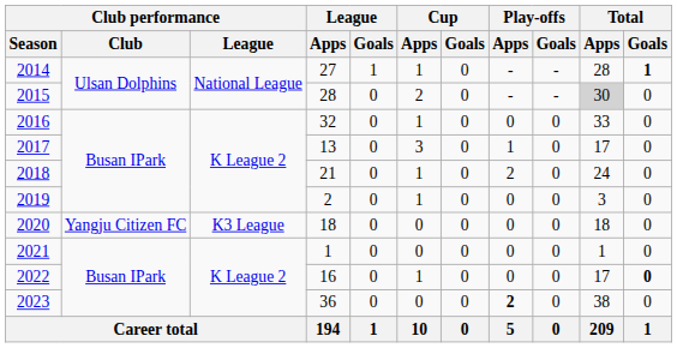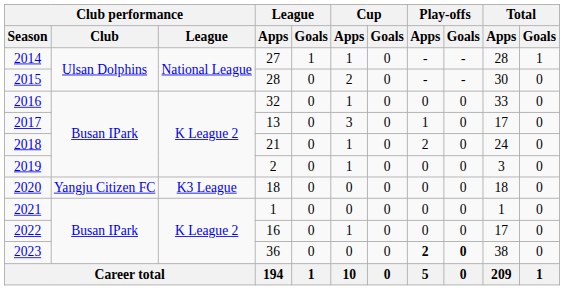 <table class="wikitable" style="text-align:center">
 <tr>
 <th colspan=3>Club performance</th>
 <th colspan=2>League</th>
 <th colspan=2>Cup</th>
 <th colspan=2>Play-offs</th>
 <th colspan=2>Total</th>
 </tr>
 <tr>
 <th>Season</th>
 <th>Club</th>
 <th>League</th>
 <th>Apps</th>
 <th>Goals</th>
 <th>Apps</th>
 <th>Goals</th>
 <th>Apps</th>
 <th>Goals</th>
 <th>Apps</th>
 <th>Goals</th>
 </tr>
 <tr>
 <td><a href='#'>2014</a></td>
 <td rowspan="2"><a href='#'>Ulsan Dolphins</a></td>
 <td rowspan="2"><a href='#'>National League</a></td>
 <td>27</td>
 <td>1</td>
 <td>1</td>
 <td>0</td>
 <td>-</td>
 <td>-</td>
 <td>28</td>
-<td><strong>1</strong></td>
+<td>1</td>
 </tr>
 <tr>
 <td><a href='#'>2015</a></td>
 <td>28</td>
 <td>0</td>
 <td>2</td>
 <td>0</td>
 <td>-</td>
 <td>-</td>
-<td style="background: lightgrey;">30</td>
+<td>30</td>
 <td>0</td>
 </tr>
 <tr>
 <td><a href='#'>2016</a></td>
 <td rowspan="4"><a href='#'>Busan IPark</a></td>
 <td rowspan="4"><a href='#'>K League 2</a></td>
 <td>32</td>
 <td>0</td>
 <td>1</td>
 <td>0</td>
 <td>0</td>
 <td>0</td>
 <td>33</td>
 <td>0</td>
 </tr>
 <tr>
 <td><a href='#'>2017</a></td>
 <td>13</td>
 <td>0</td>
 <td>3</td>
 <td>0</td>
 <td>1</td>
 <td>0</td>
 <td>17</td>
 <td>0</td>
 </tr>
 <tr>
 <td><a href='#'>2018</a></td>
 <td>21</td>
 <td>0</td>
 <td>1</td>
 <td>0</td>
 <td>2</td>
 <td>0</td>
 <td>24</td>
 <td>0</td>
 </tr>
 <tr>
 <td><a href='#'>2019</a></td>
 <td>2</td>
 <td>0</td>
 <td>1</td>
 <td>0</td>
 <td>0</td>
 <td>0</td>
 <td>3</td>
 <td>0</td>
 </tr>
 <tr>
 <td><a href='#'>2020</a></td>
 <td><a href='#'>Yangju Citizen FC</a></td>
 <td><a href='#'>K3 League</a></td>
 <td>18</td>
 <td>0</td>
 <td>0</td>
 <td>0</td>
 <td>0</td>
 <td>0</td>
 <td>18</td>
 <td>0</td>
 </tr>
 <tr>
 <td><a href='#'>2021</a></td>
 <td rowspan="3"><a href='#'>Busan IPark</a></td>
 <td rowspan="3"><a href='#'>K League 2</a></td>
 <td>1</td>
 <td>0</td>
 <td>0</td>
 <td>0</td>
 <td>0</td>
 <td>0</td>
 <td>1</td>
 <td>0</td>
 </tr>
 <tr>
 <td><a href='#'>2022</a></td>
 <td>16</td>
 <td>0</td>
 <td>1</td>
 <td>0</td>
 <td>0</td>
 <td>0</td>
 <td>17</td>
-<td><strong>0</strong></td>
+<td>0</td>
 </tr>
 <tr>
 <td><a href='#'>2023</a></td>
 <td>36</td>
 <td>0</td>
 <td>0</td>
 <td>0</td>
 <td><strong>2</strong></td>
-<td>0</td>
+<td><strong>0</strong></td>
 <td>38</td>
 <td>0</td>
 </tr>
 <tr>
 <th colspan=3>Career total</th>
 <th>194</th>
 <th>1</th>
 <th>10</th>
 <th>0</th>
 <th>5</th>
 <th>0</th>
 <th>209</th>
 <th>1</th>
 </tr>
 </table>
